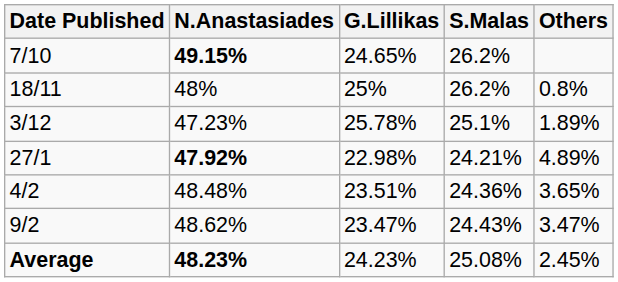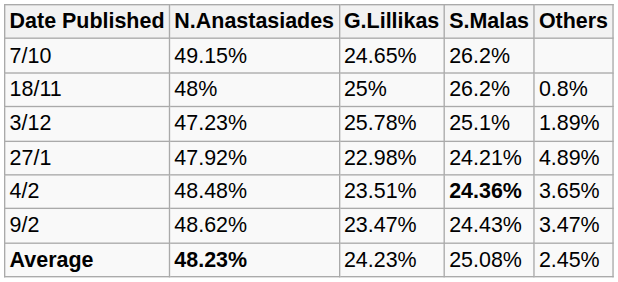 <table class="wikitable">
 <tr style="background:#e9e9e9;">
 <th>Date Published</th>
 <th>N.Anastasiades</th>
 <th>G.Lillikas</th>
 <th>S.Malas</th>
 <th>Others</th>
 </tr>
 <tr>
 <td>7/10</td>
-<td><strong>49.15%</strong></td>
+<td>49.15%</td>
 <td>24.65%</td>
 <td>26.2%</td>
 </tr>
 <tr>
 <td>18/11</td>
 <td>48%</td>
 <td>25%</td>
 <td>26.2%</td>
 <td>0.8%</td>
 </tr>
 <tr>
 <td>3/12</td>
 <td>47.23%</td>
 <td>25.78%</td>
 <td>25.1%</td>
 <td>1.89%</td>
 </tr>
 <tr>
 <td>27/1</td>
-<td><strong>47.92%</strong></td>
+<td>47.92%</td>
 <td>22.98%</td>
 <td>24.21%</td>
 <td>4.89%</td>
 </tr>
 <tr>
 <td>4/2</td>
 <td>48.48%</td>
 <td>23.51%</td>
-<td>24.36%</td>
+<td><strong>24.36%</strong></td>
 <td>3.65%</td>
 </tr>
 <tr>
 <td>9/2</td>
 <td>48.62%</td>
 <td>23.47%</td>
 <td>24.43%</td>
 <td>3.47%</td>
 </tr>
 <tr>
 <td><strong>Average</strong></td>
 <td><strong>48.23%</strong></td>
 <td>24.23%</td>
 <td>25.08%</td>
 <td>2.45%</td>
 </tr>
 </table>
